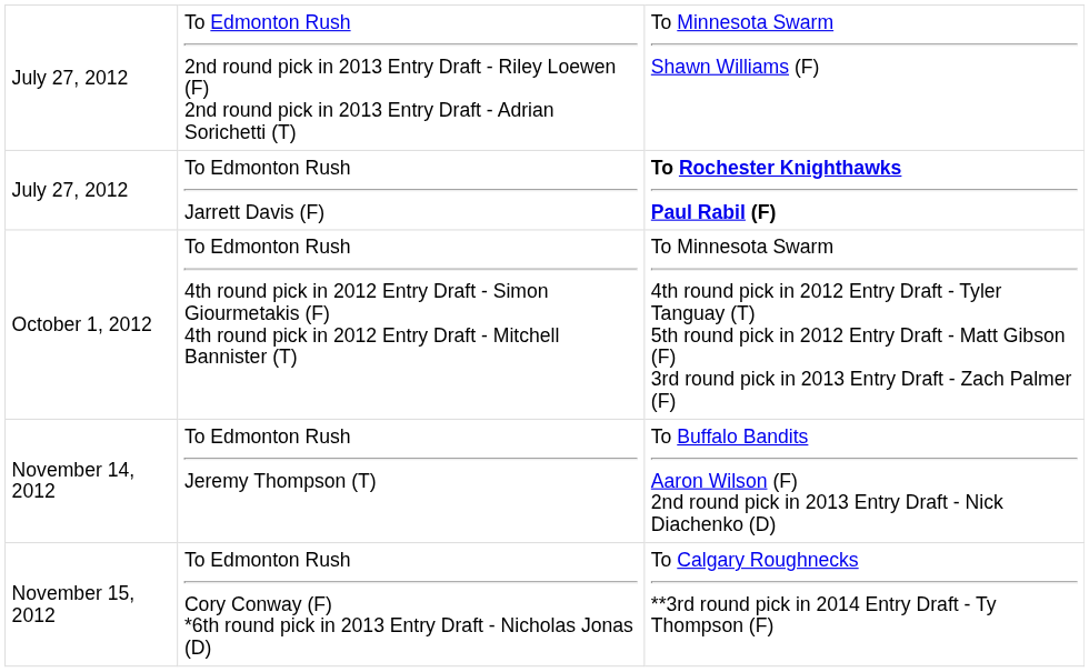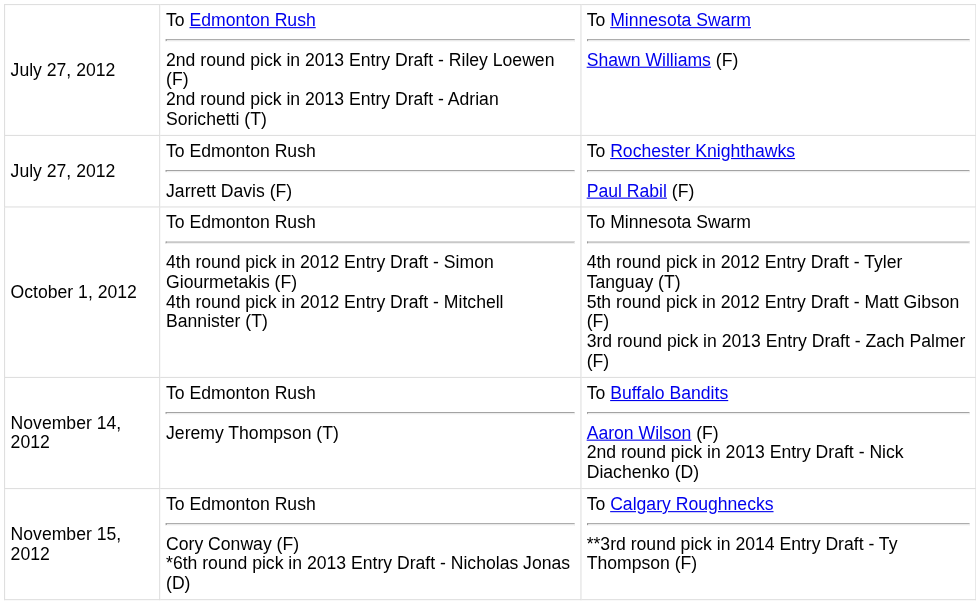 <table border=1 style="border-collapse:collapse" bordercolor="#DFDFDF"  cellpadding="5">
 <tr>
 <td>July 27, 2012</td>
 <td valign="top">To <a href='#'>Edmonton Rush</a><hr>2nd round pick in 2013 Entry Draft - Riley Loewen (F)<br>2nd round pick in 2013 Entry Draft - Adrian Sorichetti (T)</td>
 <td valign="top">To <a href='#'>Minnesota Swarm</a><hr><a href='#'>Shawn Williams</a> (F)</td>
 </tr>
 <tr>
 <td>July 27, 2012</td>
 <td valign="top">To Edmonton Rush<hr>Jarrett Davis (F)</td>
-<td valign="top"><strong>To <a href='#'>Rochester Knighthawks</a><hr><a href='#'>Paul Rabil</a> (F)</strong></td>
+<td valign="top">To <a href='#'>Rochester Knighthawks</a><hr><a href='#'>Paul Rabil</a> (F)</td>
 </tr>
 <tr>
 <td>October 1, 2012</td>
 <td valign="top">To Edmonton Rush<hr>4th round pick in 2012 Entry Draft - Simon Giourmetakis (F)<br>4th round pick in 2012 Entry Draft - Mitchell Bannister (T)</td>
 <td valign="top">To Minnesota Swarm<hr>4th round pick in 2012 Entry Draft - Tyler Tanguay (T)<br>5th round pick in 2012 Entry Draft - Matt Gibson (F)<br>3rd round pick in 2013 Entry Draft - Zach Palmer (F)</td>
 </tr>
 <tr>
 <td>November 14, 2012</td>
 <td valign="top">To Edmonton Rush<hr>Jeremy Thompson (T)</td>
 <td valign="top">To <a href='#'>Buffalo Bandits</a><hr><a href='#'>Aaron Wilson</a> (F)<br>2nd round pick in 2013 Entry Draft - Nick Diachenko (D)</td>
 </tr>
 <tr>
 <td>November 15, 2012</td>
 <td valign="top">To Edmonton Rush<hr>Cory Conway (F)<br>*6th round pick in 2013 Entry Draft - Nicholas Jonas (D)</td>
 <td valign="top">To <a href='#'>Calgary Roughnecks</a><hr>**3rd round pick in 2014 Entry Draft - Ty Thompson (F)</td>
 </tr>
 </table>
